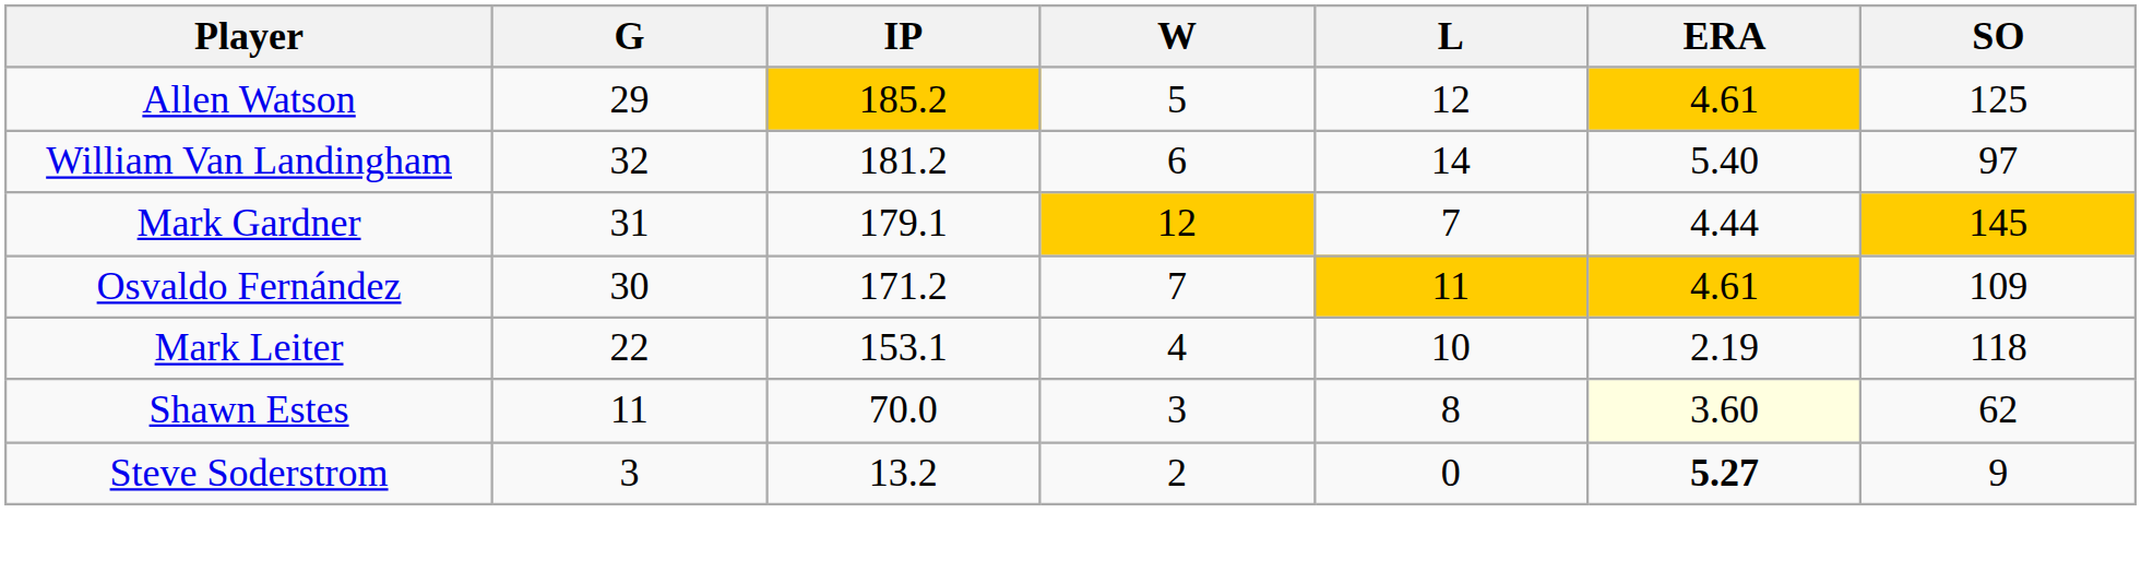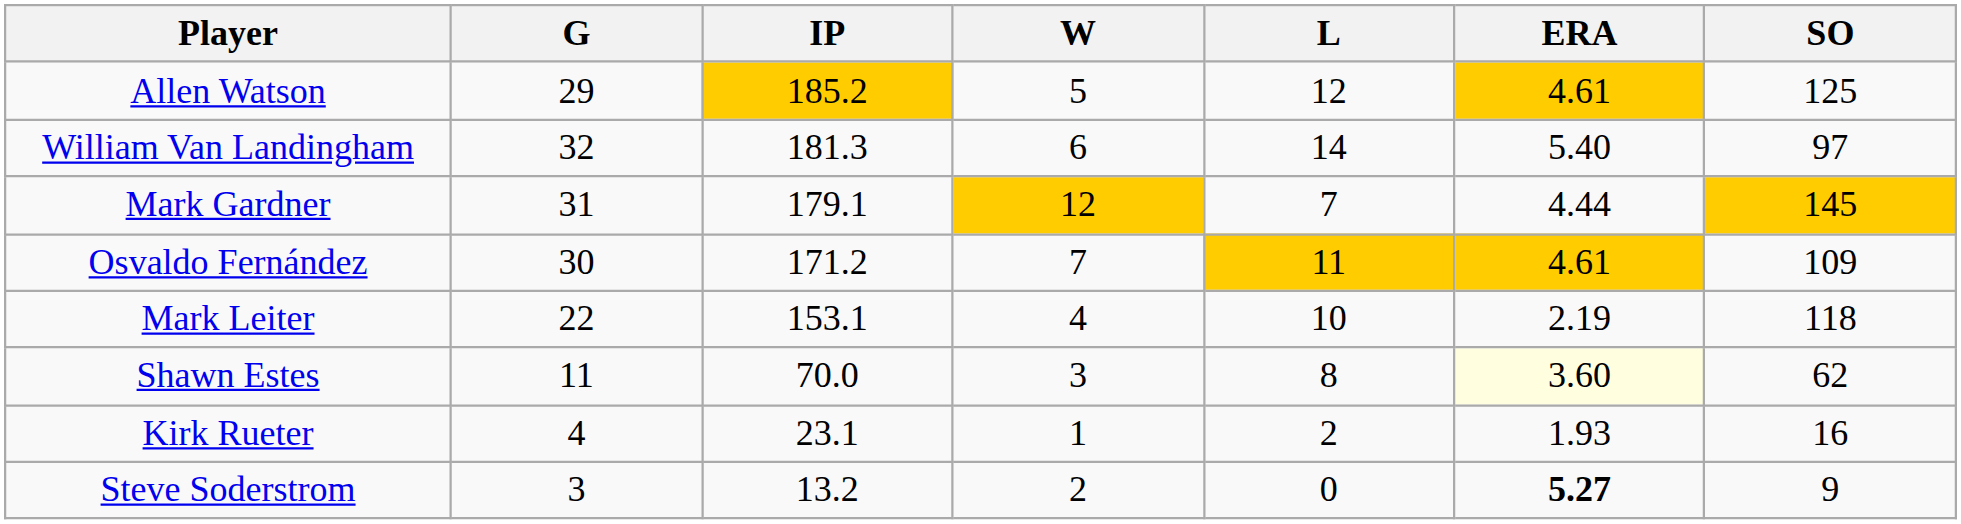 <table class="wikitable sortable">
 <tr>
 <th bgcolor="#DDDDFF" width="16%">Player</th>
 <th bgcolor="#DDDDFF" width="9%">G</th>
 <th bgcolor="#DDDDFF" width="9%">IP</th>
 <th bgcolor="#DDDDFF" width="9%">W</th>
 <th bgcolor="#DDDDFF" width="9%">L</th>
 <th bgcolor="#DDDDFF" width="9%">ERA</th>
 <th bgcolor="#DDDDFF" width="9%">SO</th>
 </tr>
 <tr align="center">
 <td><a href='#'>Allen Watson</a></td>
 <td>29</td>
 <td bgcolor="#FFCC00">185.2</td>
 <td>5</td>
 <td>12</td>
 <td bgcolor="#FFCC00">4.61</td>
 <td>125</td>
 </tr>
 <tr align=center>
 <td><a href='#'>William Van Landingham</a></td>
 <td>32</td>
-<td>181.2</td>
+<td>181.3</td>
 <td>6</td>
 <td>14</td>
 <td>5.40</td>
 <td>97</td>
 </tr>
 <tr align=center>
 <td><a href='#'>Mark Gardner</a></td>
 <td>31</td>
 <td>179.1</td>
 <td bgcolor="#FFCC00">12</td>
 <td>7</td>
 <td>4.44</td>
 <td bgcolor="#FFCC00">145</td>
 </tr>
 <tr align=center>
 <td><a href='#'>Osvaldo Fernández</a></td>
 <td>30</td>
 <td>171.2</td>
 <td>7</td>
 <td bgcolor="#FFCC00">11</td>
 <td bgcolor="#FFCC00">4.61</td>
 <td>109</td>
 </tr>
 <tr align=center>
 <td><a href='#'>Mark Leiter</a></td>
 <td>22</td>
 <td>153.1</td>
 <td>4</td>
 <td>10</td>
 <td>2.19</td>
 <td>118</td>
 </tr>
 <tr align=center>
 <td><a href='#'>Shawn Estes</a></td>
 <td>11</td>
 <td>70.0</td>
 <td>3</td>
 <td>8</td>
 <td style="background: lightyellow;">3.60</td>
 <td>62</td>
 </tr>
 <tr align=center>
+<td><a href='#'>Kirk Rueter</a></td>
+<td>4</td>
+<td>23.1</td>
+<td>1</td>
+<td>2</td>
+<td>1.93</td>
+<td>16</td>
+</tr>
+<tr align=center>
 <td><a href='#'>Steve Soderstrom</a></td>
 <td>3</td>
 <td>13.2</td>
 <td>2</td>
 <td>0</td>
 <td><strong>5.27</strong></td>
 <td>9</td>
 </tr>
 </table>
